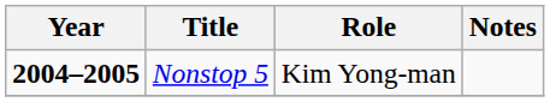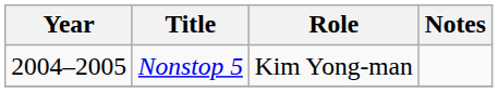 <table class="wikitable">
 <tr>
 <th>Year</th>
 <th>Title</th>
 <th>Role</th>
 <th>Notes</th>
 </tr>
 <tr>
-<td><strong>2004–2005</strong></td>
+<td>2004–2005</td>
 <td><em><a href='#'>Nonstop 5</a></em></td>
 <td>Kim Yong-man</td>
 <td></td>
 </tr>
 <tr>
 </tr>
 </table>
